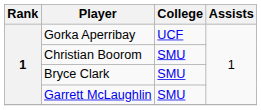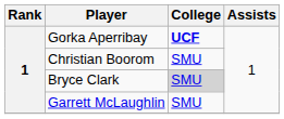 <table class="wikitable" style="text-align:center">
 <tr>
 <th>Rank</th>
 <th>Player</th>
 <th>College</th>
 <th>Assists</th>
 </tr>
 <tr>
 <th rowspan="4">1</th>
 <td align=left> Gorka Aperribay</td>
-<td align=left><a href='#'>UCF</a></td>
+<td align=left><strong><a href='#'>UCF</a></strong></td>
 <td rowspan="4">1</td>
 </tr>
 <tr>
 <td align=left> Christian Boorom</td>
 <td align=left><a href='#'>SMU</a></td>
 </tr>
 <tr>
 <td align=left> Bryce Clark</td>
-<td align=left><a href='#'>SMU</a></td>
+<td align=left style="background: lightgrey;"><a href='#'>SMU</a></td>
 </tr>
 <tr>
 <td align=left> <a href='#'>Garrett McLaughlin</a></td>
 <td align=left><a href='#'>SMU</a></td>
 </tr>
 <tr>
 </tr>
 </table>
